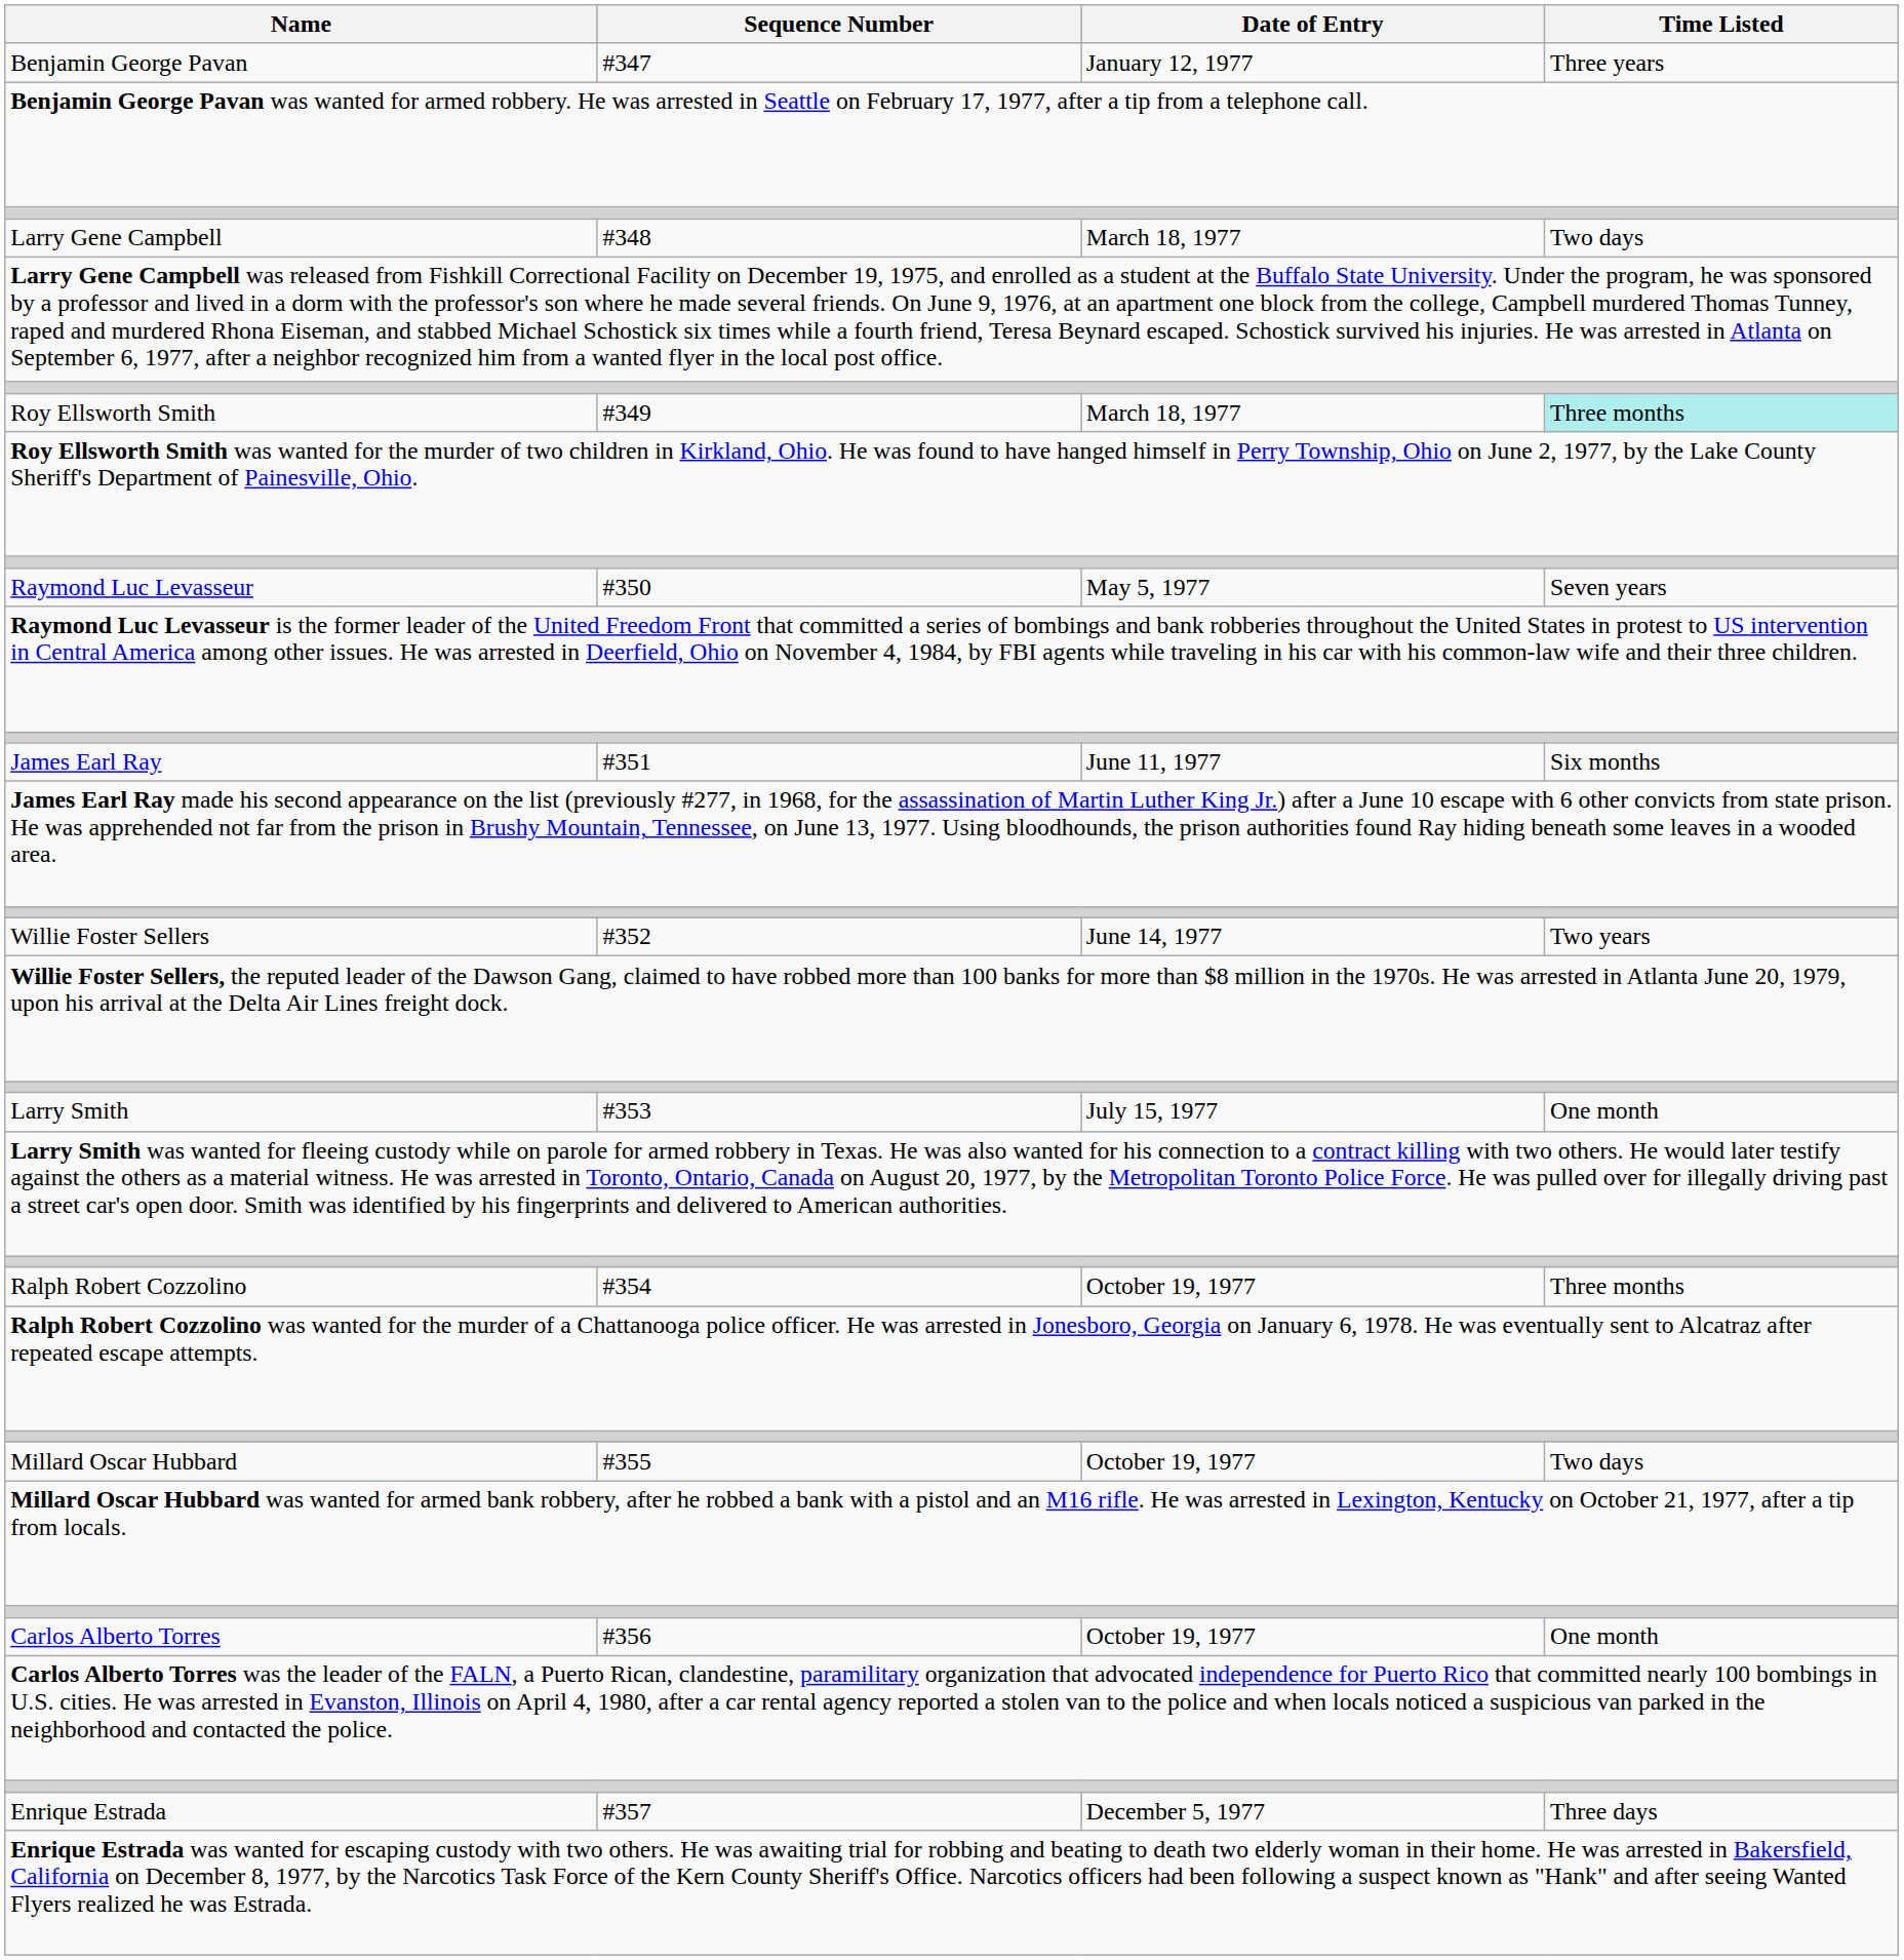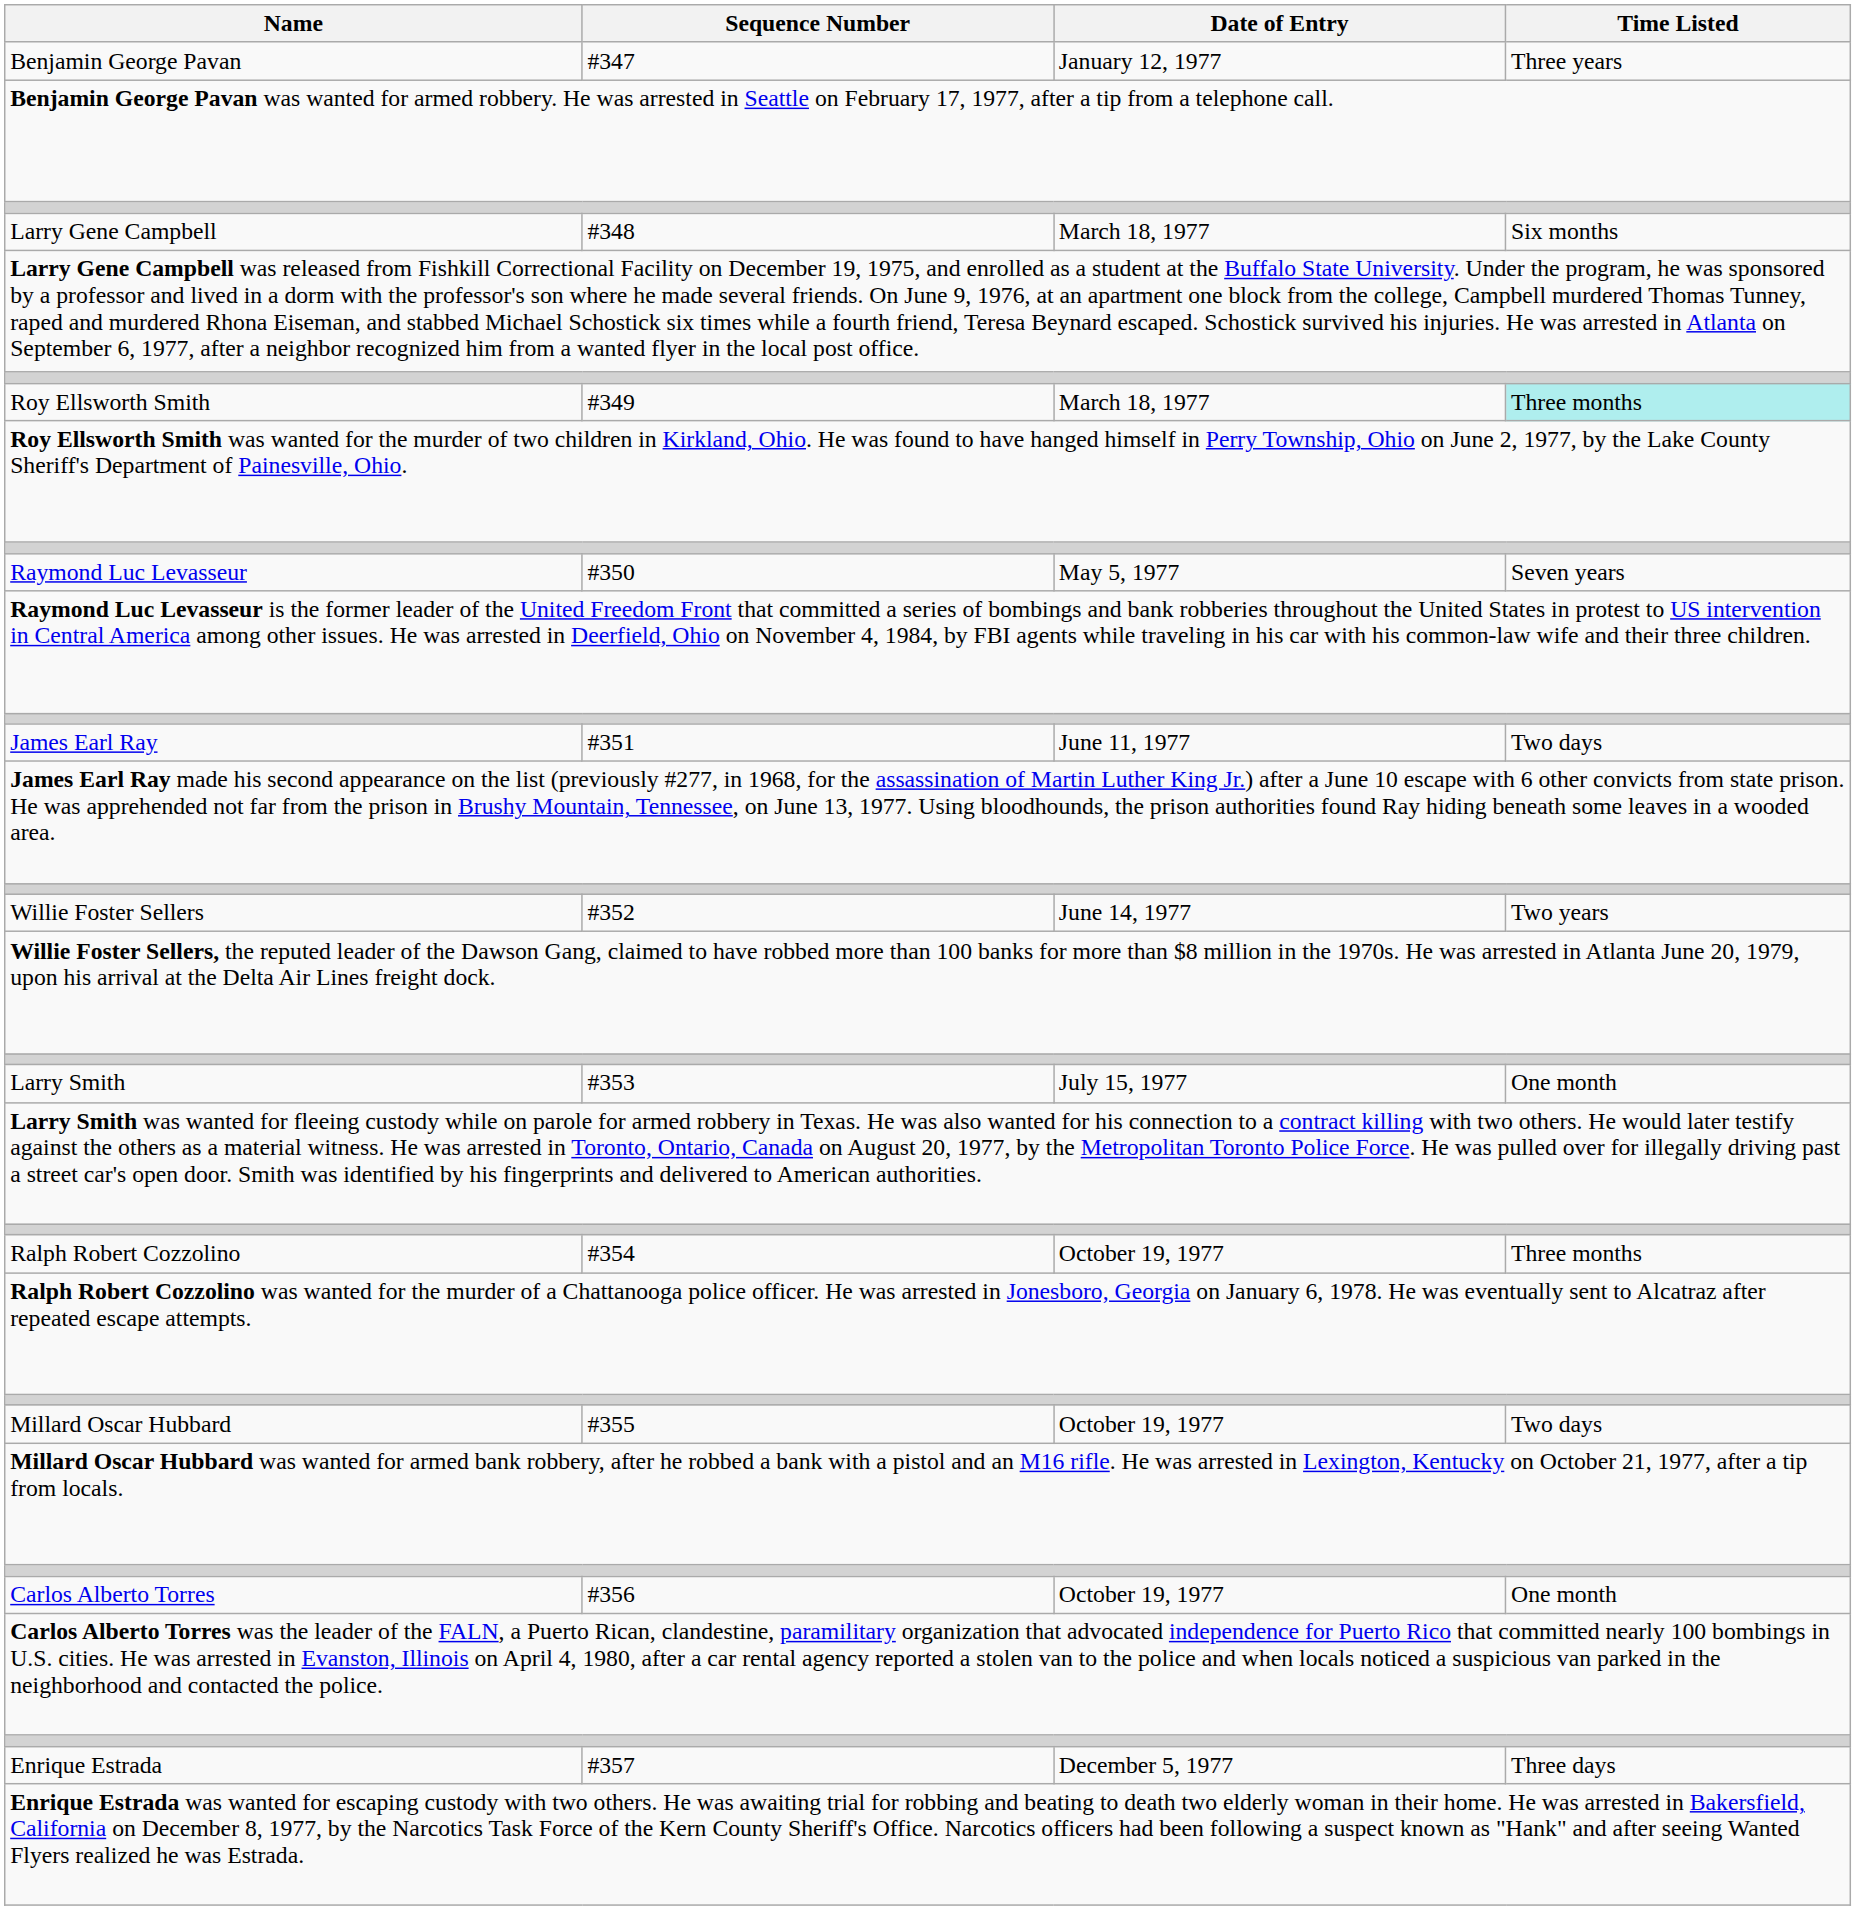 <table class="wikitable">
 <tr>
 <th>Name</th>
 <th>Sequence Number</th>
 <th>Date of Entry</th>
 <th>Time Listed</th>
 </tr>
 <tr>
 <td height="10">Benjamin George Pavan</td>
 <td>#347</td>
 <td>January 12, 1977</td>
 <td>Three years</td>
 </tr>
 <tr>
 <td colspan="4" valign="top" height="75"><strong>Benjamin George Pavan</strong> was wanted for armed robbery. He was arrested in <a href='#'>Seattle</a> on February 17, 1977, after a tip from a telephone call.</td>
 </tr>
 <tr>
 <td colSpan="4" style="background-color:lightgrey;"></td>
 </tr>
 <tr>
 <td height="10">Larry Gene Campbell</td>
 <td>#348</td>
 <td>March 18, 1977</td>
-<td>Two days</td>
+<td>Six months</td>
 </tr>
 <tr>
 <td colspan="4" valign="top" height="75"><strong>Larry Gene Campbell</strong> was released from Fishkill Correctional Facility on December 19, 1975, and enrolled as a student at the <a href='#'>Buffalo State University</a>. Under the program, he was sponsored by a professor and lived in a dorm with the professor's son where he made several friends. On June 9, 1976, at an apartment one block from the college, Campbell murdered Thomas Tunney, raped and murdered Rhona Eiseman, and stabbed Michael Schostick six times while a fourth friend, Teresa Beynard escaped. Schostick survived his injuries. He was arrested in <a href='#'>Atlanta</a> on September 6, 1977, after a neighbor recognized him from a wanted flyer in the local post office.</td>
 </tr>
 <tr>
 <td colSpan="4" style="background-color:lightgrey;"></td>
 </tr>
 <tr>
 <td height="10">Roy Ellsworth Smith</td>
 <td>#349</td>
 <td>March 18, 1977</td>
 <td style="background: paleturquoise;">Three months</td>
 </tr>
 <tr>
 <td colspan="4" valign="top" height="75"><strong>Roy Ellsworth Smith</strong> was wanted for the murder of two children in <a href='#'>Kirkland, Ohio</a>. He was found to have hanged himself in <a href='#'>Perry Township, Ohio</a> on June 2, 1977, by the Lake County Sheriff's Department of <a href='#'>Painesville, Ohio</a>.</td>
 </tr>
 <tr>
 <td colSpan="4" style="background-color:lightgrey;"></td>
 </tr>
 <tr>
 <td height="10"><a href='#'>Raymond Luc Levasseur</a></td>
 <td>#350</td>
 <td>May 5, 1977</td>
 <td>Seven years</td>
 </tr>
 <tr>
 <td colspan="4" valign="top" height="75"><strong>Raymond Luc Levasseur</strong> is the former leader of the <a href='#'>United Freedom Front</a> that committed a series of bombings and bank robberies throughout the United States in protest to <a href='#'>US intervention in Central America</a> among other issues. He was arrested in <a href='#'>Deerfield, Ohio</a> on November 4, 1984, by FBI agents while traveling in his car with his common-law wife and their three children.</td>
 </tr>
 <tr>
 <td colSpan="4" style="background-color:lightgrey;"></td>
 </tr>
 <tr>
 <td height="10"><a href='#'>James Earl Ray</a></td>
 <td>#351</td>
 <td>June 11, 1977</td>
-<td>Six months</td>
+<td>Two days</td>
 </tr>
 <tr>
 <td colspan="4" valign="top" height="75"><strong>James Earl Ray</strong> made his second appearance on the list (previously #277, in 1968, for the <a href='#'>assassination of Martin Luther King Jr.</a>) after a June 10 escape with 6 other convicts from state prison. He was apprehended not far from the prison in <a href='#'>Brushy Mountain, Tennessee</a>, on June 13, 1977. Using bloodhounds, the prison authorities found Ray hiding beneath some leaves in a wooded area.</td>
 </tr>
 <tr>
 <td colSpan="4" style="background-color:lightgrey;"></td>
 </tr>
 <tr>
 <td height="10">Willie Foster Sellers</td>
 <td>#352</td>
 <td>June 14, 1977</td>
 <td>Two years</td>
 </tr>
 <tr>
 <td colspan="4" valign="top" height="75"><strong>Willie Foster Sellers,</strong> the reputed leader of the Dawson Gang, claimed to have robbed more than 100 banks for more than $8 million in the 1970s. He was arrested in Atlanta June 20, 1979, upon his arrival at the Delta Air Lines freight dock.</td>
 </tr>
 <tr>
 <td colSpan="4" style="background-color:lightgrey;"></td>
 </tr>
 <tr>
 <td height="10">Larry Smith</td>
 <td>#353</td>
 <td>July 15, 1977</td>
 <td>One month</td>
 </tr>
 <tr>
 <td colspan="4" valign="top" height="75"><strong>Larry Smith</strong> was wanted for fleeing custody while on parole for armed robbery in Texas. He was also wanted for his connection to a <a href='#'>contract killing</a> with two others. He would later testify against the others as a material witness. He was arrested in <a href='#'>Toronto, Ontario, Canada</a> on August 20, 1977, by the <a href='#'>Metropolitan Toronto Police Force</a>. He was pulled over for illegally driving past a street car's open door. Smith was identified by his fingerprints and delivered to American authorities.</td>
 </tr>
 <tr>
 <td colSpan="4" style="background-color:lightgrey;"></td>
 </tr>
 <tr>
 <td height="10">Ralph Robert Cozzolino</td>
 <td>#354</td>
 <td>October 19, 1977</td>
 <td>Three months</td>
 </tr>
 <tr>
 <td colspan="4" valign="top" height="75"><strong>Ralph Robert Cozzolino</strong> was wanted for the murder of a Chattanooga police officer. He was arrested in <a href='#'>Jonesboro, Georgia</a> on January 6, 1978. He was eventually sent to Alcatraz after repeated escape attempts.</td>
 </tr>
 <tr>
 <td colSpan="4" style="background-color:lightgrey;"></td>
 </tr>
 <tr>
 <td height="10">Millard Oscar Hubbard</td>
 <td>#355</td>
 <td>October 19, 1977</td>
 <td>Two days</td>
 </tr>
 <tr>
 <td colspan="4" valign="top" height="75"><strong>Millard Oscar Hubbard</strong> was wanted for armed bank robbery, after he robbed a bank with a pistol and an <a href='#'>M16 rifle</a>. He was arrested in <a href='#'>Lexington, Kentucky</a> on October 21, 1977, after a tip from locals.</td>
 </tr>
 <tr>
 <td colSpan="4" style="background-color:lightgrey;"></td>
 </tr>
 <tr>
 <td height="10"><a href='#'>Carlos Alberto Torres</a></td>
 <td>#356</td>
 <td>October 19, 1977</td>
 <td>One month</td>
 </tr>
 <tr>
 <td colspan="4" valign="top" height="75"><strong>Carlos Alberto Torres</strong> was the leader of the <a href='#'>FALN</a>, a Puerto Rican, clandestine, <a href='#'>paramilitary</a> organization that advocated <a href='#'>independence for Puerto Rico</a> that committed nearly 100 bombings in U.S. cities. He was arrested in <a href='#'>Evanston, Illinois</a> on April 4, 1980, after a car rental agency reported a stolen van to the police and when locals noticed a suspicious van parked in the neighborhood and contacted the police.</td>
 </tr>
 <tr>
 <td colSpan="4" style="background-color:lightgrey;"></td>
 </tr>
 <tr>
 <td height="10">Enrique Estrada</td>
 <td>#357</td>
 <td>December 5, 1977</td>
 <td>Three days</td>
 </tr>
 <tr>
 <td colspan="4" valign="top" height="75"><strong>Enrique Estrada</strong> was wanted for escaping custody with two others. He was awaiting trial for robbing and beating to death two elderly woman in their home. He was arrested in <a href='#'>Bakersfield, California</a> on December 8, 1977, by the Narcotics Task Force of the Kern County Sheriff's Office. Narcotics officers had been following a suspect known as "Hank" and after seeing Wanted Flyers realized he was Estrada.</td>
 </tr>
 </table>
